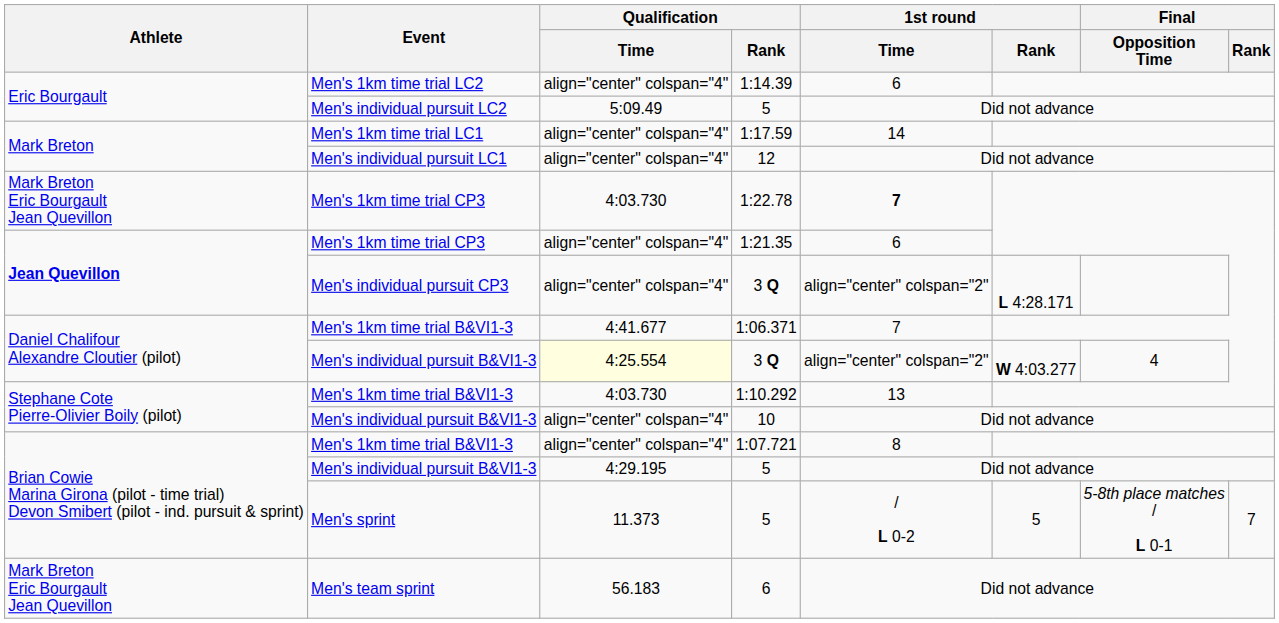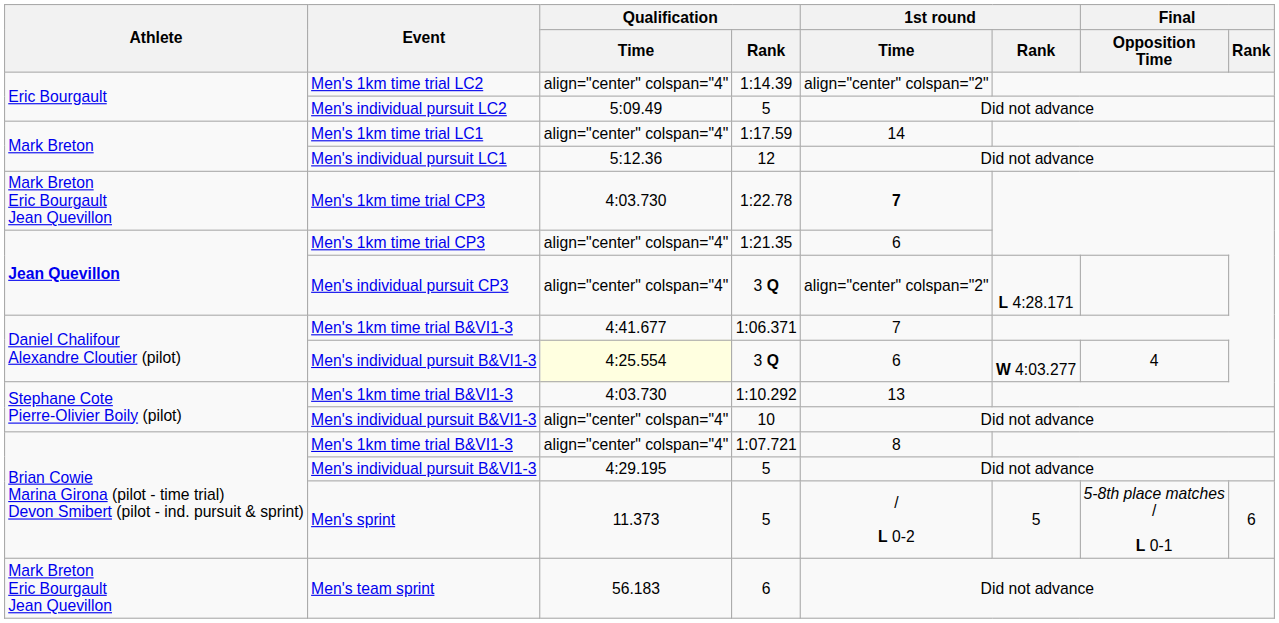 <table class=wikitable style="font-size:90%">
 <tr>
 <th rowspan="2">Athlete</th>
 <th rowspan="2">Event</th>
 <th colspan="2">Qualification</th>
 <th colspan="2">1st round</th>
 <th colspan="2">Final</th>
 </tr>
 <tr>
 <th>Time</th>
 <th>Rank</th>
 <th>Time</th>
 <th>Rank</th>
 <th>Opposition<br>Time</th>
 <th>Rank</th>
 </tr>
 <tr>
 <td rowspan="2"><a href='#'>Eric Bourgault</a></td>
 <td><a href='#'>Men's 1km time trial LC2</a></td>
 <td>align="center" colspan="4" </td>
 <td align="center">1:14.39</td>
-<td align="center">6</td>
+<td>align="center" colspan="2" </td>
 </tr>
 <tr>
 <td><a href='#'>Men's individual pursuit LC2</a></td>
 <td align="center">5:09.49</td>
 <td align="center">5</td>
 <td align="center" colspan="4">Did not advance</td>
 </tr>
 <tr>
 <td rowspan="2"><a href='#'>Mark Breton</a></td>
 <td><a href='#'>Men's 1km time trial LC1</a></td>
 <td>align="center" colspan="4" </td>
 <td align="center">1:17.59</td>
 <td align="center">14</td>
 </tr>
 <tr>
 <td><a href='#'>Men's individual pursuit LC1</a></td>
-<td>align="center" colspan="4" </td>
+<td align="center">5:12.36</td>
 <td align="center">12</td>
 <td align="center" colspan="4">Did not advance</td>
 </tr>
 <tr>
 <td><a href='#'>Mark Breton</a><br> <a href='#'>Eric Bourgault</a><br> <a href='#'>Jean Quevillon</a></td>
 <td><a href='#'>Men's 1km time trial CP3</a></td>
 <td align="center">4:03.730</td>
 <td align="center">1:22.78</td>
 <td align="center"><strong>7</strong></td>
 </tr>
 <tr>
 <td rowspan="2"><strong><a href='#'>Jean Quevillon</a></strong></td>
 <td><a href='#'>Men's 1km time trial CP3</a></td>
 <td>align="center" colspan="4" </td>
 <td align="center">1:21.35</td>
 <td align="center">6</td>
 </tr>
 <tr>
 <td><a href='#'>Men's individual pursuit CP3</a></td>
 <td>align="center" colspan="4" </td>
 <td align="center">3 <strong>Q</strong></td>
 <td>align="center" colspan="2" </td>
 <td align="center"><br> <br> <strong>L</strong> 4:28.171</td>
 <td align="center"></td>
 </tr>
 <tr>
 <td rowspan="2"><a href='#'>Daniel Chalifour</a><br> <a href='#'>Alexandre Cloutier</a> (pilot)</td>
 <td><a href='#'>Men's 1km time trial B&VI1-3</a></td>
 <td align="center">4:41.677</td>
 <td align="center">1:06.371</td>
 <td align="center">7</td>
 </tr>
 <tr>
 <td><a href='#'>Men's individual pursuit B&VI1-3</a></td>
 <td align="center" style="background: lightyellow;">4:25.554</td>
 <td align="center">3 <strong>Q</strong></td>
-<td>align="center" colspan="2" </td>
+<td align="center">6</td>
 <td align="center"><br> <strong>W</strong> 4:03.277</td>
 <td align="center">4</td>
 </tr>
 <tr>
 <td rowspan="2"><a href='#'>Stephane Cote</a><br> <a href='#'>Pierre-Olivier Boily</a> (pilot)</td>
 <td><a href='#'>Men's 1km time trial B&VI1-3</a></td>
 <td align="center">4:03.730</td>
 <td align="center">1:10.292</td>
 <td align="center">13</td>
 </tr>
 <tr>
 <td><a href='#'>Men's individual pursuit B&VI1-3</a></td>
 <td>align="center" colspan="4" </td>
 <td align="center">10</td>
 <td align="center" colspan="4">Did not advance</td>
 </tr>
 <tr>
 <td rowspan="3"><a href='#'>Brian Cowie</a><br> <a href='#'>Marina Girona</a> (pilot - time trial)<br> <a href='#'>Devon Smibert</a> (pilot - ind. pursuit & sprint)</td>
 <td><a href='#'>Men's 1km time trial B&VI1-3</a></td>
 <td>align="center" colspan="4" </td>
 <td align="center">1:07.721</td>
 <td align="center">8</td>
 </tr>
 <tr>
 <td><a href='#'>Men's individual pursuit B&VI1-3</a></td>
 <td align="center">4:29.195</td>
 <td align="center">5</td>
 <td align="center" colspan="4">Did not advance</td>
 </tr>
 <tr>
 <td><a href='#'>Men's sprint</a></td>
 <td align="center">11.373</td>
 <td align="center">5</td>
 <td align="center"> /<br> <br> <strong>L</strong> 0-2</td>
 <td align="center">5</td>
 <td align="center"><em>5-8th place matches</em><br>  /<br> <br> <strong>L</strong> 0-1</td>
-<td align="center">7</td>
+<td align="center">6</td>
 </tr>
 <tr>
 <td><a href='#'>Mark Breton</a><br> <a href='#'>Eric Bourgault</a><br> <a href='#'>Jean Quevillon</a></td>
 <td><a href='#'>Men's team sprint</a></td>
 <td align="center">56.183</td>
 <td align="center">6</td>
 <td align="center" colspan="4">Did not advance</td>
 </tr>
 </table>
